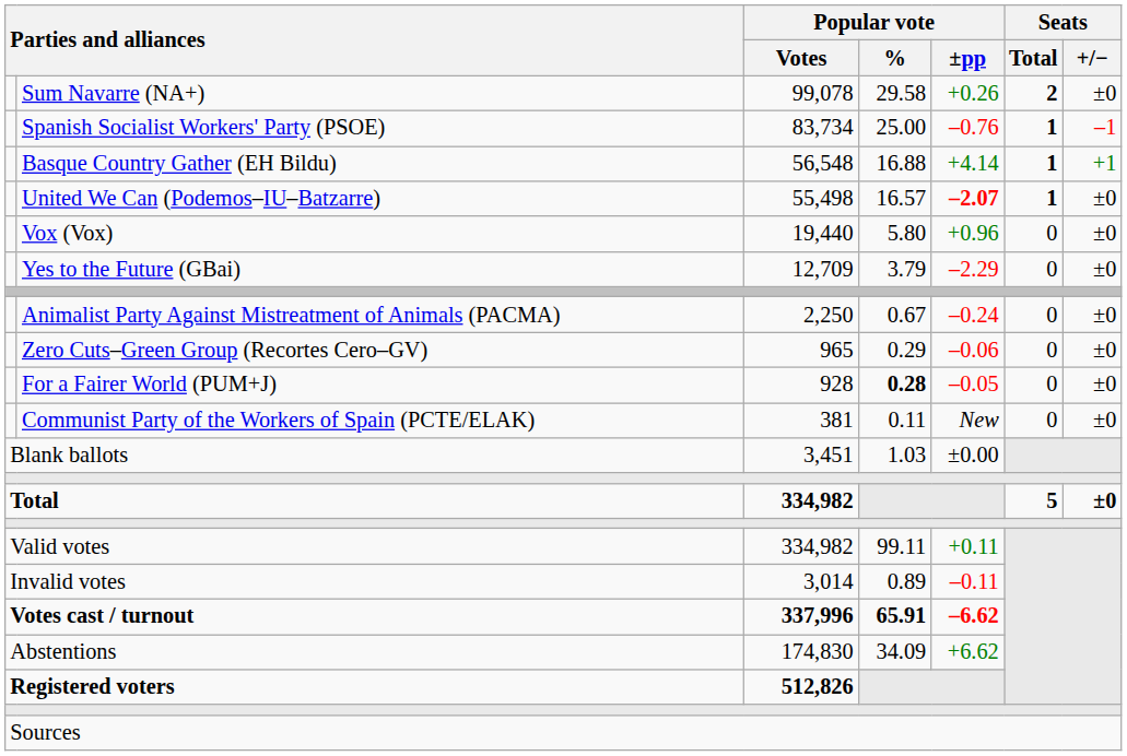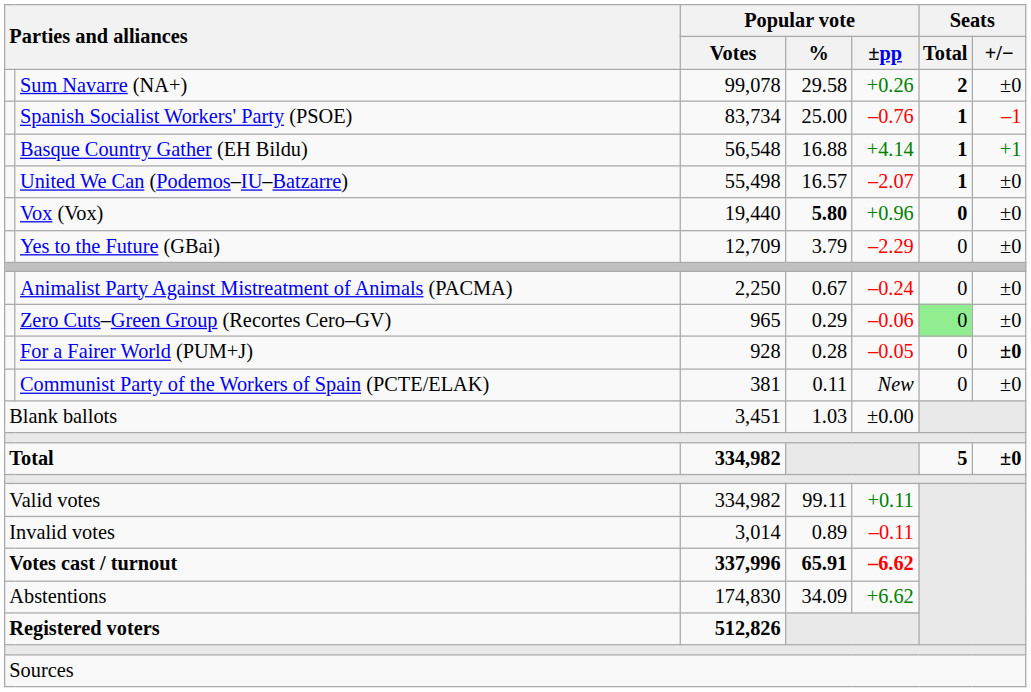 <table class="wikitable" style="text-align:right;">
 <tr>
 <th style="text-align:left;" rowspan="2" colspan="2" width="525">Parties and alliances</th>
 <th colspan="3">Popular vote</th>
 <th colspan="2">Seats</th>
 </tr>
 <tr>
 <th width="75">Votes</th>
 <th width="45">%</th>
 <th width="45">±<a href='#'>pp</a></th>
 <th width="35">Total</th>
 <th width="35">+/−</th>
 </tr>
 <tr>
 <td width="1" style="color:inherit;background:"></td>
 <td align="left"><a href='#'>Sum Navarre</a> (NA+)</td>
 <td>99,078</td>
 <td>29.58</td>
 <td style="color:green;">+0.26</td>
 <td><strong>2</strong></td>
 <td>±0</td>
 </tr>
 <tr>
 <td style="color:inherit;background:"></td>
 <td align="left"><a href='#'>Spanish Socialist Workers' Party</a> (PSOE)</td>
 <td>83,734</td>
 <td>25.00</td>
 <td style="color:red;">–0.76</td>
 <td><strong>1</strong></td>
 <td style="color:red;">–1</td>
 </tr>
 <tr>
 <td style="color:inherit;background:"></td>
 <td align="left"><a href='#'>Basque Country Gather</a> (EH Bildu)</td>
 <td>56,548</td>
 <td>16.88</td>
 <td style="color:green;">+4.14</td>
 <td><strong>1</strong></td>
 <td style="color:green;">+1</td>
 </tr>
 <tr>
 <td style="color:inherit;background:"></td>
 <td align="left"><a href='#'>United We Can</a> (<a href='#'>Podemos</a>–<a href='#'>IU</a>–<a href='#'>Batzarre</a>)</td>
 <td>55,498</td>
 <td>16.57</td>
-<td style="color:red;"><strong>–2.07</strong></td>
+<td style="color:red;">–2.07</td>
 <td><strong>1</strong></td>
 <td>±0</td>
 </tr>
 <tr>
 <td style="color:inherit;background:"></td>
 <td align="left"><a href='#'>Vox</a> (Vox)</td>
 <td>19,440</td>
-<td>5.80</td>
+<td><strong>5.80</strong></td>
 <td style="color:green;">+0.96</td>
-<td>0</td>
+<td><strong>0</strong></td>
 <td>±0</td>
 </tr>
 <tr>
 <td style="color:inherit;background:"></td>
 <td align="left"><a href='#'>Yes to the Future</a> (GBai)</td>
 <td>12,709</td>
 <td>3.79</td>
 <td style="color:red;">–2.29</td>
 <td>0</td>
 <td>±0</td>
 </tr>
 <tr>
 <td colspan="7" bgcolor="#C0C0C0"></td>
 </tr>
 <tr>
 <td style="color:inherit;background:"></td>
 <td align="left"><a href='#'>Animalist Party Against Mistreatment of Animals</a> (PACMA)</td>
 <td>2,250</td>
 <td>0.67</td>
 <td style="color:red;">–0.24</td>
 <td>0</td>
 <td>±0</td>
 </tr>
 <tr>
 <td style="color:inherit;background:"></td>
 <td align="left"><a href='#'>Zero Cuts</a>–<a href='#'>Green Group</a> (Recortes Cero–GV)</td>
 <td>965</td>
 <td>0.29</td>
 <td style="color:red;">–0.06</td>
-<td>0</td>
+<td style="background: lightgreen;">0</td>
 <td>±0</td>
 </tr>
 <tr>
 <td style="color:inherit;background:"></td>
 <td align="left"><a href='#'>For a Fairer World</a> (PUM+J)</td>
 <td>928</td>
-<td><strong>0.28</strong></td>
+<td>0.28</td>
 <td style="color:red;">–0.05</td>
 <td>0</td>
-<td>±0</td>
+<td><strong>±0</strong></td>
 </tr>
 <tr>
 <td style="color:inherit;background:"></td>
 <td align="left"><a href='#'>Communist Party of the Workers of Spain</a> (PCTE/ELAK)</td>
 <td>381</td>
 <td>0.11</td>
 <td><em>New</em></td>
 <td>0</td>
 <td>±0</td>
 </tr>
 <tr>
 <td align="left" colspan="2">Blank ballots</td>
 <td>3,451</td>
 <td>1.03</td>
 <td>±0.00</td>
 <td bgcolor="#E9E9E9" colspan="2"></td>
 </tr>
 <tr>
 <td colspan="7" bgcolor="#E9E9E9"></td>
 </tr>
 <tr style="font-weight:bold;">
 <td align="left" colspan="2">Total</td>
 <td>334,982</td>
 <td bgcolor="#E9E9E9" colspan="2"></td>
 <td>5</td>
 <td>±0</td>
 </tr>
 <tr>
 <td colspan="7" bgcolor="#E9E9E9"></td>
 </tr>
 <tr>
 <td align="left" colspan="2">Valid votes</td>
 <td>334,982</td>
 <td>99.11</td>
 <td style="color:green;">+0.11</td>
 <td bgcolor="#E9E9E9" colspan="2" rowspan="5"></td>
 </tr>
 <tr>
 <td align="left" colspan="2">Invalid votes</td>
 <td>3,014</td>
 <td>0.89</td>
 <td style="color:red;">–0.11</td>
 </tr>
 <tr style="font-weight:bold;">
 <td align="left" colspan="2">Votes cast / turnout</td>
 <td>337,996</td>
 <td>65.91</td>
 <td style="color:red;">–6.62</td>
 </tr>
 <tr>
 <td align="left" colspan="2">Abstentions</td>
 <td>174,830</td>
 <td>34.09</td>
 <td style="color:green;">+6.62</td>
 </tr>
 <tr style="font-weight:bold;">
 <td align="left" colspan="2">Registered voters</td>
 <td>512,826</td>
 <td bgcolor="#E9E9E9" colspan="2"></td>
 </tr>
 <tr>
 <td colspan="7" bgcolor="#E9E9E9"></td>
 </tr>
 <tr>
 <td align="left" colspan="7">Sources</td>
 </tr>
 </table>
